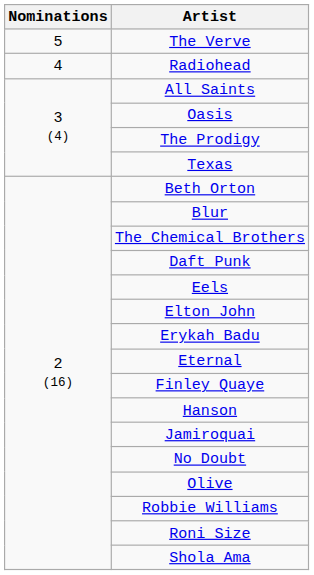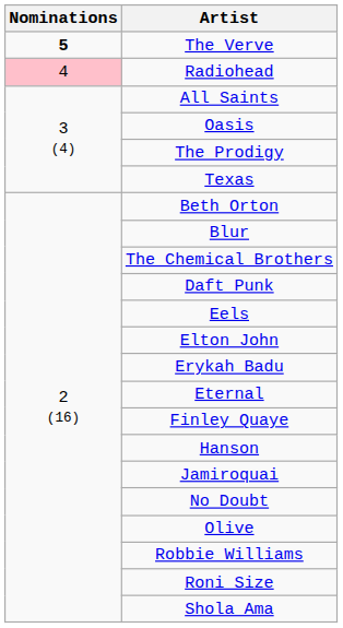 <table class="wikitable" rowspan="2" style="text-align:center;">
 <tr>
 <th scope="col" style="width:55px;">Nominations</th>
 <th scope="col" style="text-align:center;">Artist</th>
 </tr>
 <tr>
-<td>5</td>
+<td><strong>5</strong></td>
 <td><a href='#'>The Verve</a></td>
 </tr>
 <tr>
-<td>4</td>
+<td style="background: pink;">4</td>
 <td><a href='#'>Radiohead</a></td>
 </tr>
 <tr>
 <td rowspan="4">3<br><small>(4)</small></td>
 <td><a href='#'>All Saints</a></td>
 </tr>
 <tr>
 <td><a href='#'>Oasis</a></td>
 </tr>
 <tr>
 <td><a href='#'>The Prodigy</a></td>
 </tr>
 <tr>
 <td><a href='#'>Texas</a></td>
 </tr>
 <tr>
 <td rowspan="16">2<br><small>(16)</small></td>
 <td><a href='#'>Beth Orton</a></td>
 </tr>
 <tr>
 <td><a href='#'>Blur</a></td>
 </tr>
 <tr>
 <td><a href='#'>The Chemical Brothers</a></td>
 </tr>
 <tr>
 <td><a href='#'>Daft Punk</a></td>
 </tr>
 <tr>
 <td><a href='#'>Eels</a></td>
 </tr>
 <tr>
 <td><a href='#'>Elton John</a></td>
 </tr>
 <tr>
 <td><a href='#'>Erykah Badu</a></td>
 </tr>
 <tr>
 <td><a href='#'>Eternal</a></td>
 </tr>
 <tr>
 <td><a href='#'>Finley Quaye</a></td>
 </tr>
 <tr>
 <td><a href='#'>Hanson</a></td>
 </tr>
 <tr>
 <td><a href='#'>Jamiroquai</a></td>
 </tr>
 <tr>
 <td><a href='#'>No Doubt</a></td>
 </tr>
 <tr>
 <td><a href='#'>Olive</a></td>
 </tr>
 <tr>
 <td><a href='#'>Robbie Williams</a></td>
 </tr>
 <tr>
 <td><a href='#'>Roni Size</a></td>
 </tr>
 <tr>
 <td><a href='#'>Shola Ama</a></td>
 </tr>
 </table>
